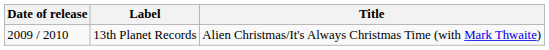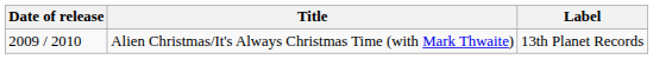 <table class="wikitable">
 <tr>
 <th>Date of release</th>
+<th>Title</th>
 <th>Label</th>
-<th>Title</th>
 </tr>
 <tr>
 <td>2009 / 2010</td>
+<td>Alien Christmas/It's Always Christmas Time (with <a href='#'>Mark Thwaite</a>)</td>
 <td>13th Planet Records</td>
-<td>Alien Christmas/It's Always Christmas Time (with <a href='#'>Mark Thwaite</a>)</td>
 </tr>
 </table>
